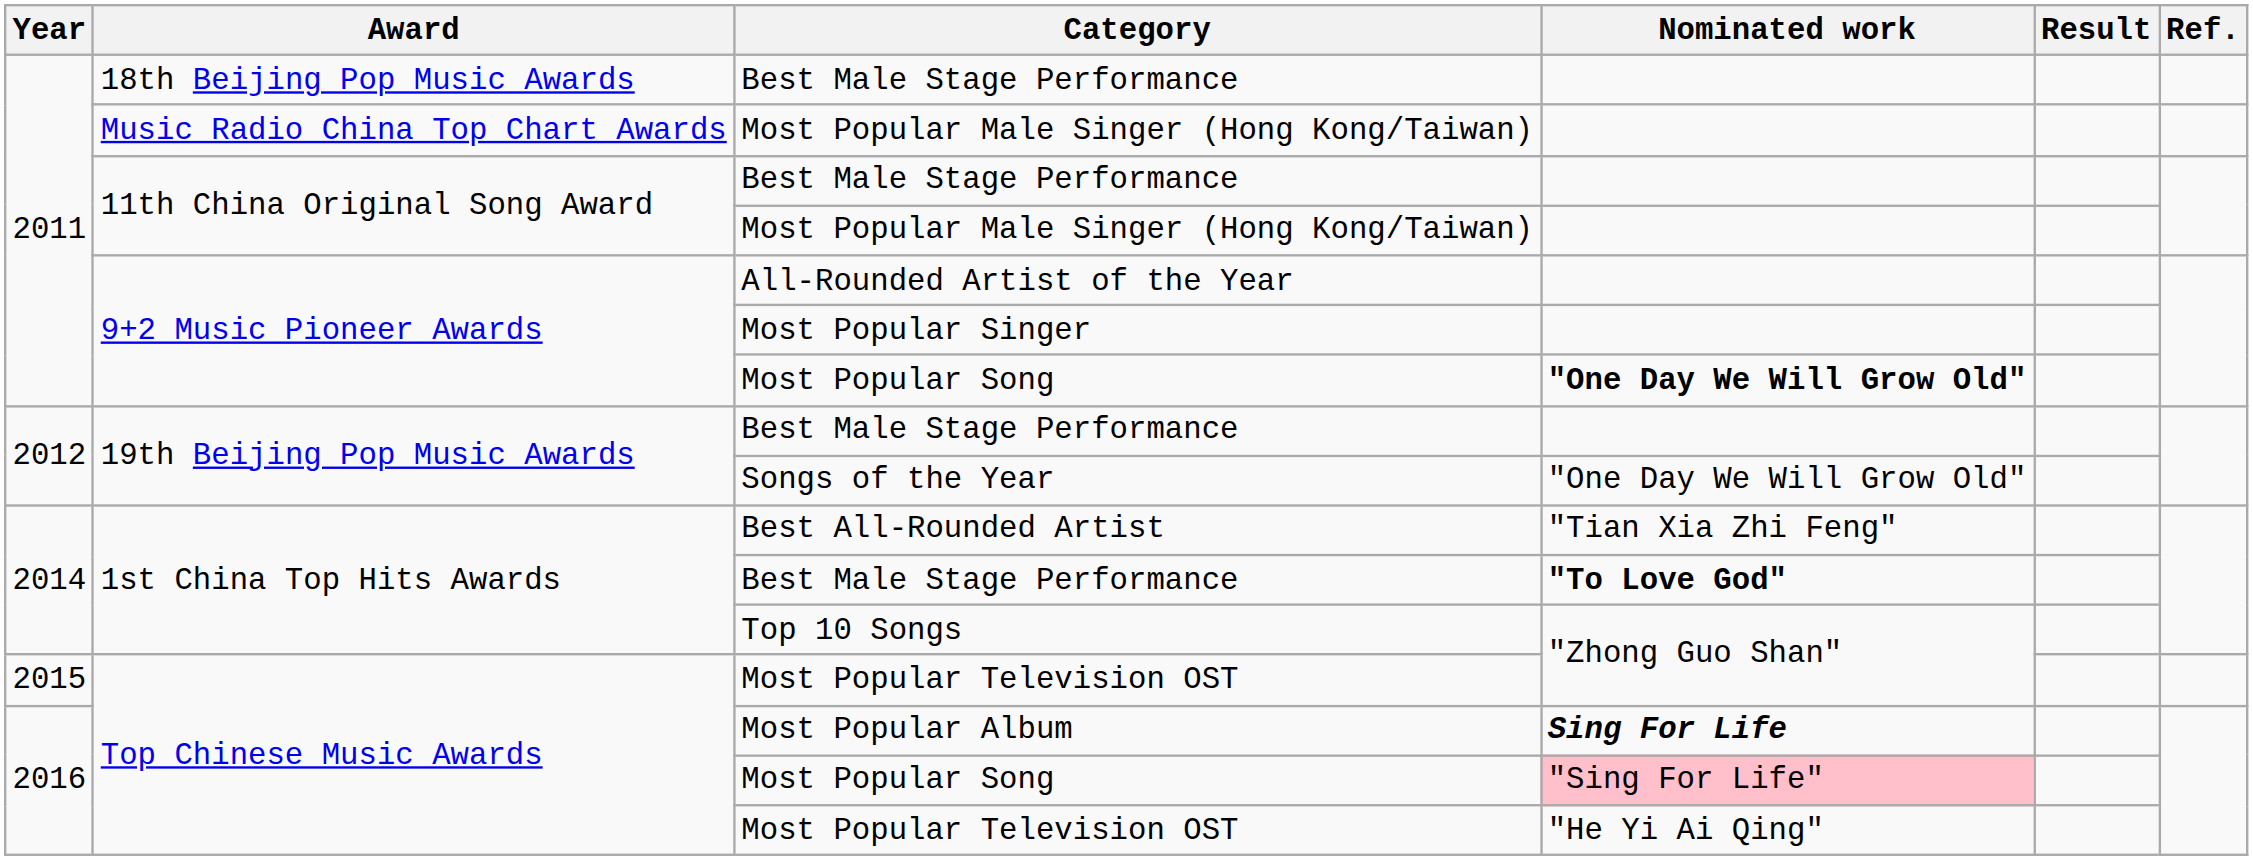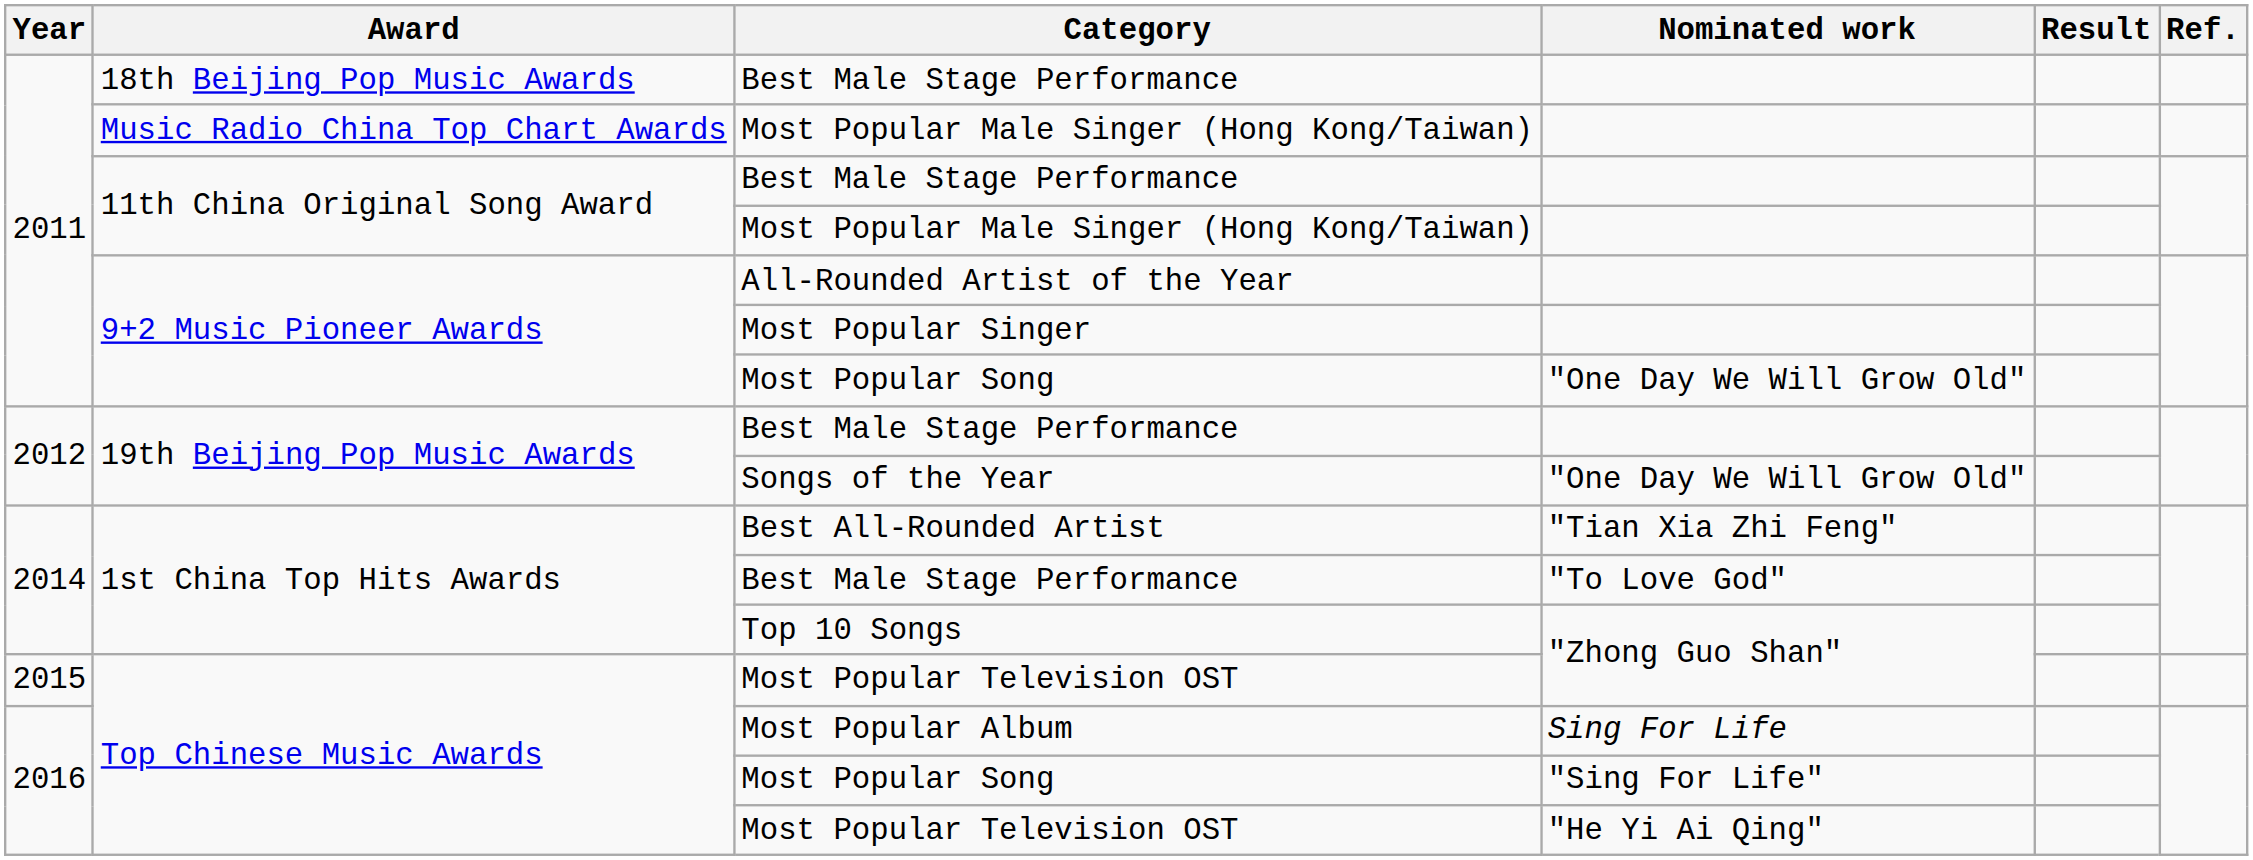 <table class="wikitable">
 <tr>
 <th>Year</th>
 <th>Award</th>
 <th>Category</th>
 <th>Nominated work</th>
 <th>Result</th>
 <th>Ref.</th>
 </tr>
 <tr>
 <td rowspan=7>2011</td>
 <td>18th <a href='#'>Beijing Pop Music Awards</a></td>
 <td>Best Male Stage Performance</td>
 <td></td>
 <td></td>
 <td></td>
 </tr>
 <tr>
 <td><a href='#'>Music Radio China Top Chart Awards</a></td>
 <td>Most Popular Male Singer (Hong Kong/Taiwan)</td>
 <td></td>
 <td></td>
 <td></td>
 </tr>
 <tr>
 <td rowspan=2>11th China Original Song Award</td>
 <td>Best Male Stage Performance</td>
 <td></td>
 <td></td>
 <td rowspan=2></td>
 </tr>
 <tr>
 <td>Most Popular Male Singer (Hong Kong/Taiwan)</td>
 <td></td>
 <td></td>
 </tr>
 <tr>
 <td rowspan=3><a href='#'>9+2 Music Pioneer Awards</a></td>
 <td>All-Rounded Artist of the Year</td>
 <td></td>
 <td></td>
 <td rowspan=3></td>
 </tr>
 <tr>
 <td>Most Popular Singer</td>
 <td></td>
 <td></td>
 </tr>
 <tr>
 <td>Most Popular Song</td>
-<td><strong>"One Day We Will Grow Old"</strong></td>
+<td>"One Day We Will Grow Old"</td>
 <td></td>
 </tr>
 <tr>
 <td rowspan=2>2012</td>
 <td rowspan=2>19th <a href='#'>Beijing Pop Music Awards</a></td>
 <td>Best Male Stage Performance</td>
 <td></td>
 <td></td>
 <td rowspan=2></td>
 </tr>
 <tr>
 <td>Songs of the Year</td>
 <td>"One Day We Will Grow Old"</td>
 <td></td>
 </tr>
 <tr>
 <td rowspan=3>2014</td>
 <td rowspan=3>1st China Top Hits Awards</td>
 <td>Best All-Rounded Artist</td>
 <td>"Tian Xia Zhi Feng"</td>
 <td></td>
 <td rowspan=3></td>
 </tr>
 <tr>
 <td>Best Male Stage Performance</td>
-<td><strong>"To Love God"</strong></td>
+<td>"To Love God"</td>
 <td></td>
 </tr>
 <tr>
 <td>Top 10 Songs</td>
 <td rowspan=2>"Zhong Guo Shan"</td>
 <td></td>
 </tr>
 <tr>
 <td>2015</td>
 <td rowspan=4><a href='#'>Top Chinese Music Awards</a></td>
 <td>Most Popular Television OST</td>
 <td></td>
 <td></td>
 </tr>
 <tr>
 <td rowspan=3>2016</td>
 <td>Most Popular Album</td>
-<td><strong><em>Sing For Life</em></strong></td>
+<td><em>Sing For Life</em></td>
 <td></td>
 <td rowspan=3></td>
 </tr>
 <tr>
 <td>Most Popular Song</td>
-<td style="background: pink;">"Sing For Life"</td>
+<td>"Sing For Life"</td>
 <td></td>
 </tr>
 <tr>
 <td>Most Popular Television OST</td>
 <td>"He Yi Ai Qing"</td>
 <td></td>
 </tr>
 </table>
